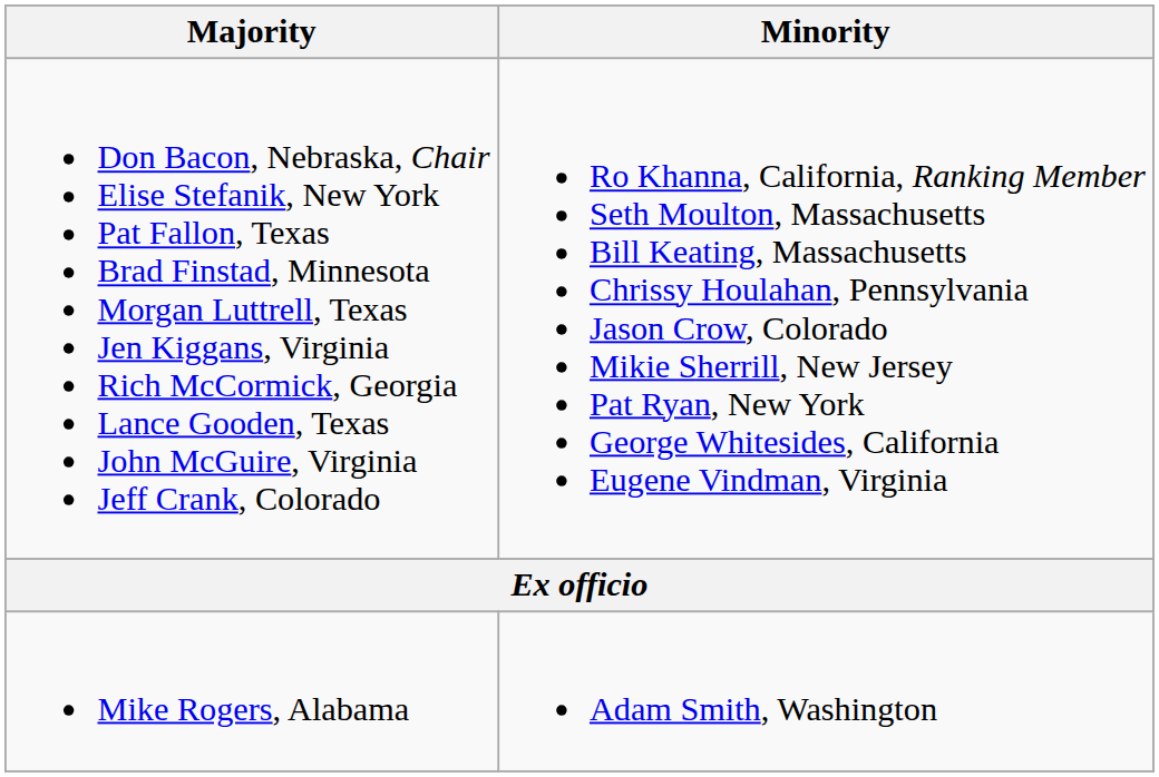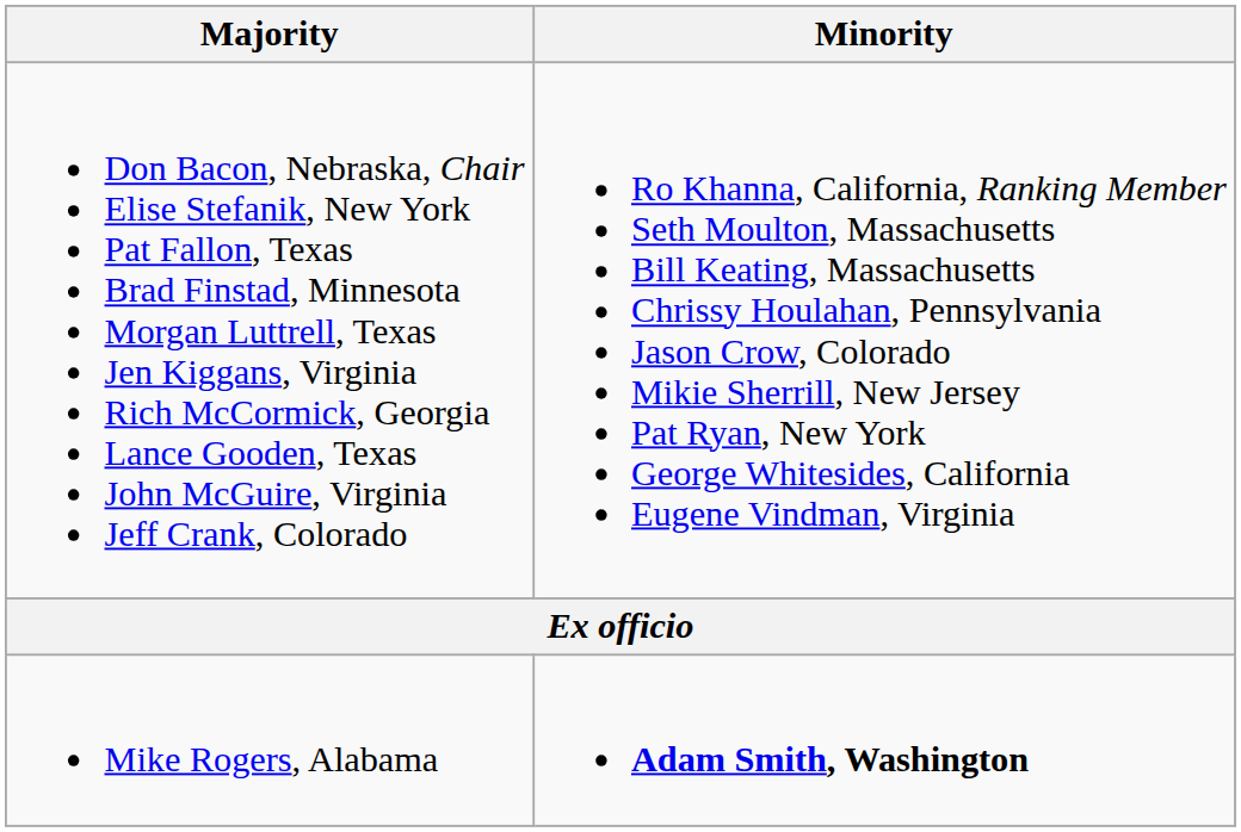 <table class=wikitable>
 <tr>
 <th>Majority</th>
 <th>Minority</th>
 </tr>
 <tr>
 <td><br><ul><li><a href='#'>Don Bacon</a>, Nebraska, <em>Chair</em></li><li><a href='#'>Elise Stefanik</a>, New York</li><li><a href='#'>Pat Fallon</a>, Texas</li><li><a href='#'>Brad Finstad</a>, Minnesota</li><li><a href='#'>Morgan Luttrell</a>, Texas</li><li><a href='#'>Jen Kiggans</a>, Virginia</li><li><a href='#'>Rich McCormick</a>, Georgia</li><li><a href='#'>Lance Gooden</a>, Texas</li><li><a href='#'>John McGuire</a>, Virginia</li><li><a href='#'>Jeff Crank</a>, Colorado</li></ul></td>
 <td><br><ul><li><a href='#'>Ro Khanna</a>, California, <em>Ranking Member</em></li><li><a href='#'>Seth Moulton</a>, Massachusetts</li><li><a href='#'>Bill Keating</a>, Massachusetts</li><li><a href='#'>Chrissy Houlahan</a>, Pennsylvania</li><li><a href='#'>Jason Crow</a>, Colorado</li><li><a href='#'>Mikie Sherrill</a>, New Jersey</li><li><a href='#'>Pat Ryan</a>, New York</li><li><a href='#'>George Whitesides</a>, California</li><li><a href='#'>Eugene Vindman</a>, Virginia</li></ul></td>
 </tr>
 <tr>
 <th colspan=2><em>Ex officio</em></th>
 </tr>
 <tr>
 <td><br><ul><li><a href='#'>Mike Rogers</a>, Alabama</li></ul></td>
-<td><br><ul><li><a href='#'>Adam Smith</a>, Washington</li></ul></td>
+<td><strong><br><ul><li><a href='#'>Adam Smith</a>, Washington</li></ul></strong></td>
 </tr>
 </table>
